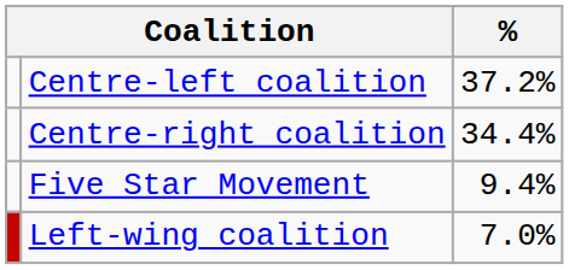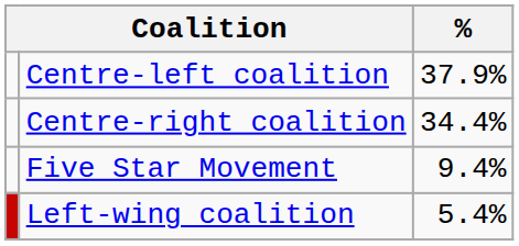 <table class=wikitable style=text-align:left>
 <tr>
 <th colspan="2" style="text-align:center;">Coalition</th>
 <th valign=top>%</th>
 </tr>
 <tr>
 <td style="color:inherit;background:"></td>
 <td><a href='#'>Centre-left coalition</a></td>
-<td align=right>37.2%</td>
+<td align=right>37.9%</td>
 </tr>
 <tr>
 <td style="color:inherit;background:"></td>
 <td><a href='#'>Centre-right coalition</a></td>
 <td align=right>34.4%</td>
 </tr>
 <tr>
 <td style="color:inherit;background:"></td>
 <td><a href='#'>Five Star Movement</a></td>
 <td align=right>9.4%</td>
 </tr>
 <tr>
 <td style="color:inherit;background:#c60400;"></td>
 <td><a href='#'>Left-wing coalition</a></td>
-<td align=right>7.0%</td>
+<td align=right>5.4%</td>
 </tr>
 </table>
